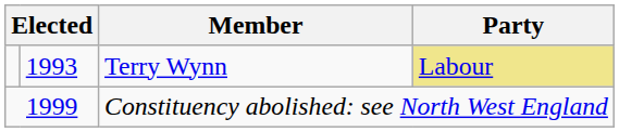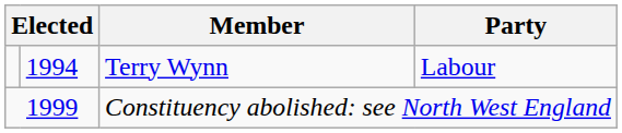 <table class="wikitable">
 <tr>
 <th colspan = "2">Elected</th>
 <th>Member</th>
 <th>Party</th>
 </tr>
 <tr>
 <td style="background-color: "></td>
-<td><a href='#'>1993</a></td>
+<td><a href='#'>1994</a></td>
 <td><a href='#'>Terry Wynn</a></td>
-<td style="background: khaki;"><a href='#'>Labour</a></td>
+<td><a href='#'>Labour</a></td>
 </tr>
 <tr>
 <td colspan="2" align="center"><a href='#'>1999</a></td>
 <td colspan="2"><em>Constituency abolished: see <a href='#'>North West England</a></em></td>
 </tr>
 </table>
